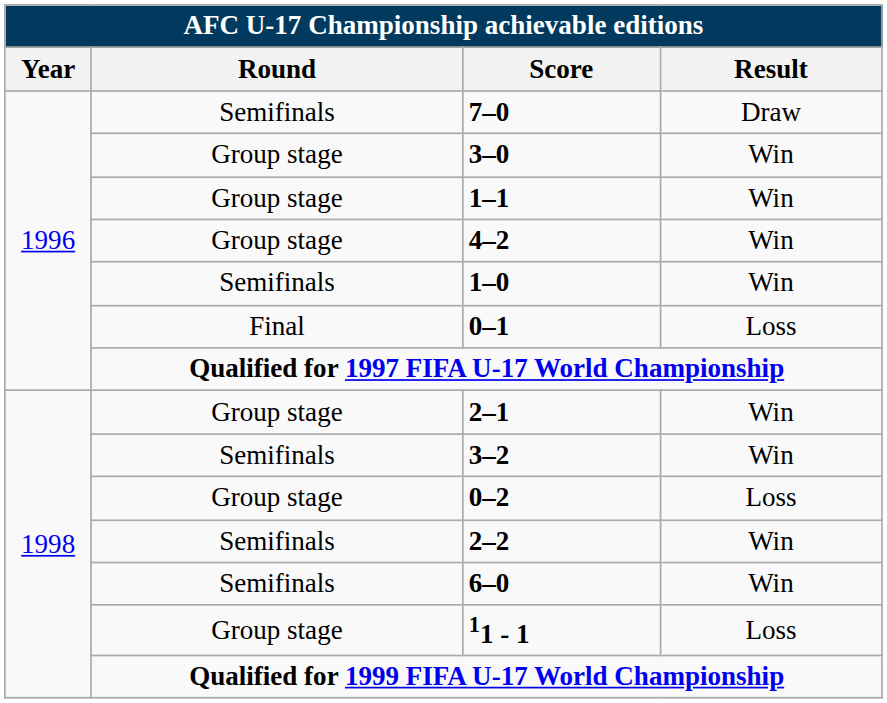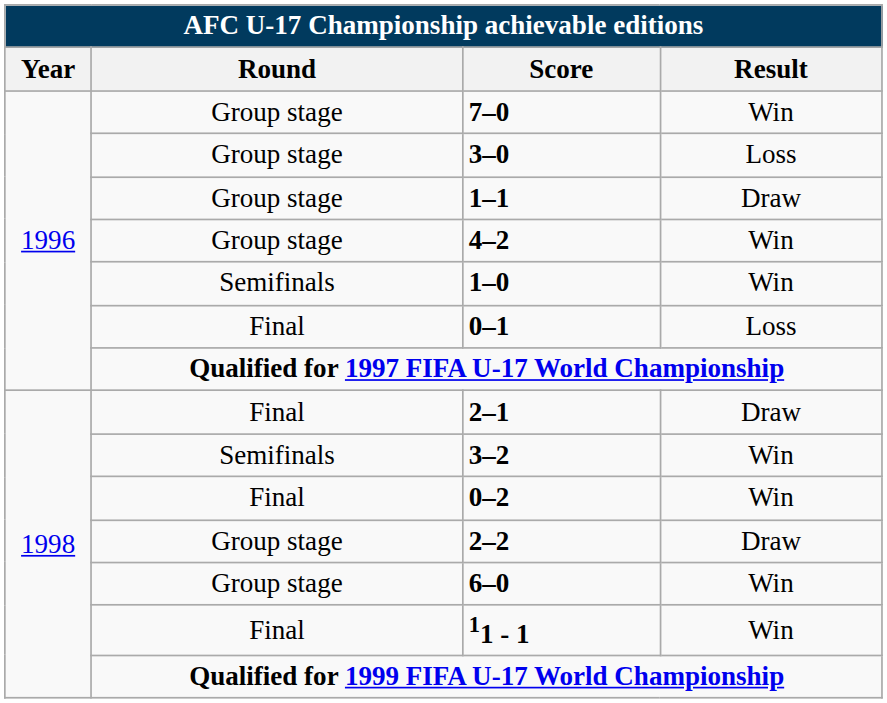 <table class="wikitable" style="text-align: center; width: 520px;">
 <tr>
 <th colspan=4 style="background: #013A5E; color: #FFFFFF;">AFC U-17 Championship achievable editions</th>
 </tr>
 <tr>
 <th>Year</th>
 <th>Round</th>
 <th>Score</th>
 <th>Result</th>
 </tr>
 <tr>
 <td rowspan=7> <a href='#'>1996</a></td>
-<td>Semifinals</td>
+<td>Group stage</td>
 <td align="left"> <strong>7–0</strong> </td>
-<td>Draw</td>
+<td>Win</td>
 </tr>
 <tr>
 <td>Group stage</td>
 <td align="left"> <strong>3–0</strong> </td>
-<td>Win</td>
+<td>Loss</td>
 </tr>
 <tr>
 <td>Group stage</td>
 <td align="left"> <strong>1–1</strong> </td>
-<td>Win</td>
+<td>Draw</td>
 </tr>
 <tr>
 <td>Group stage</td>
 <td align="left"> <strong>4–2</strong> </td>
 <td>Win</td>
 </tr>
 <tr>
 <td>Semifinals</td>
 <td align="left"> <strong>1–0</strong> </td>
 <td>Win</td>
 </tr>
 <tr>
 <td>Final</td>
 <td align="left"> <strong>0–1</strong> </td>
 <td>Loss</td>
 </tr>
 <tr>
 <td colspan="3" align="center"><strong>Qualified for <a href='#'>1997 FIFA U-17 World Championship</a></strong></td>
 </tr>
 <tr>
 <td rowspan=7> <a href='#'>1998</a></td>
-<td>Group stage</td>
+<td>Final</td>
 <td align="left"> <strong>2–1</strong> </td>
-<td>Win</td>
+<td>Draw</td>
 </tr>
 <tr>
 <td>Semifinals</td>
 <td align="left"> <strong>3–2</strong> </td>
 <td>Win</td>
 </tr>
 <tr>
-<td>Group stage</td>
+<td>Final</td>
 <td align="left"> <strong>0–2</strong> </td>
-<td>Loss</td>
-</tr>
-<tr>
-<td>Semifinals</td>
-<td align="left"> <strong>2–2</strong> </td>
 <td>Win</td>
 </tr>
 <tr>
-<td>Semifinals</td>
+<td>Group stage</td>
+<td align="left"> <strong>2–2</strong> </td>
+<td>Draw</td>
+</tr>
+<tr>
+<td>Group stage</td>
 <td align="left"> <strong>6–0</strong> </td>
 <td>Win</td>
 </tr>
 <tr>
-<td>Group stage</td>
+<td>Final</td>
 <td align="left"> <strong><sup>1</sup>1 - 1</strong> </td>
-<td>Loss</td>
+<td>Win</td>
 </tr>
 <tr>
 <td colspan="3" align="center"><strong>Qualified for <a href='#'>1999 FIFA U-17 World Championship</a></strong></td>
 </tr>
 </table>
